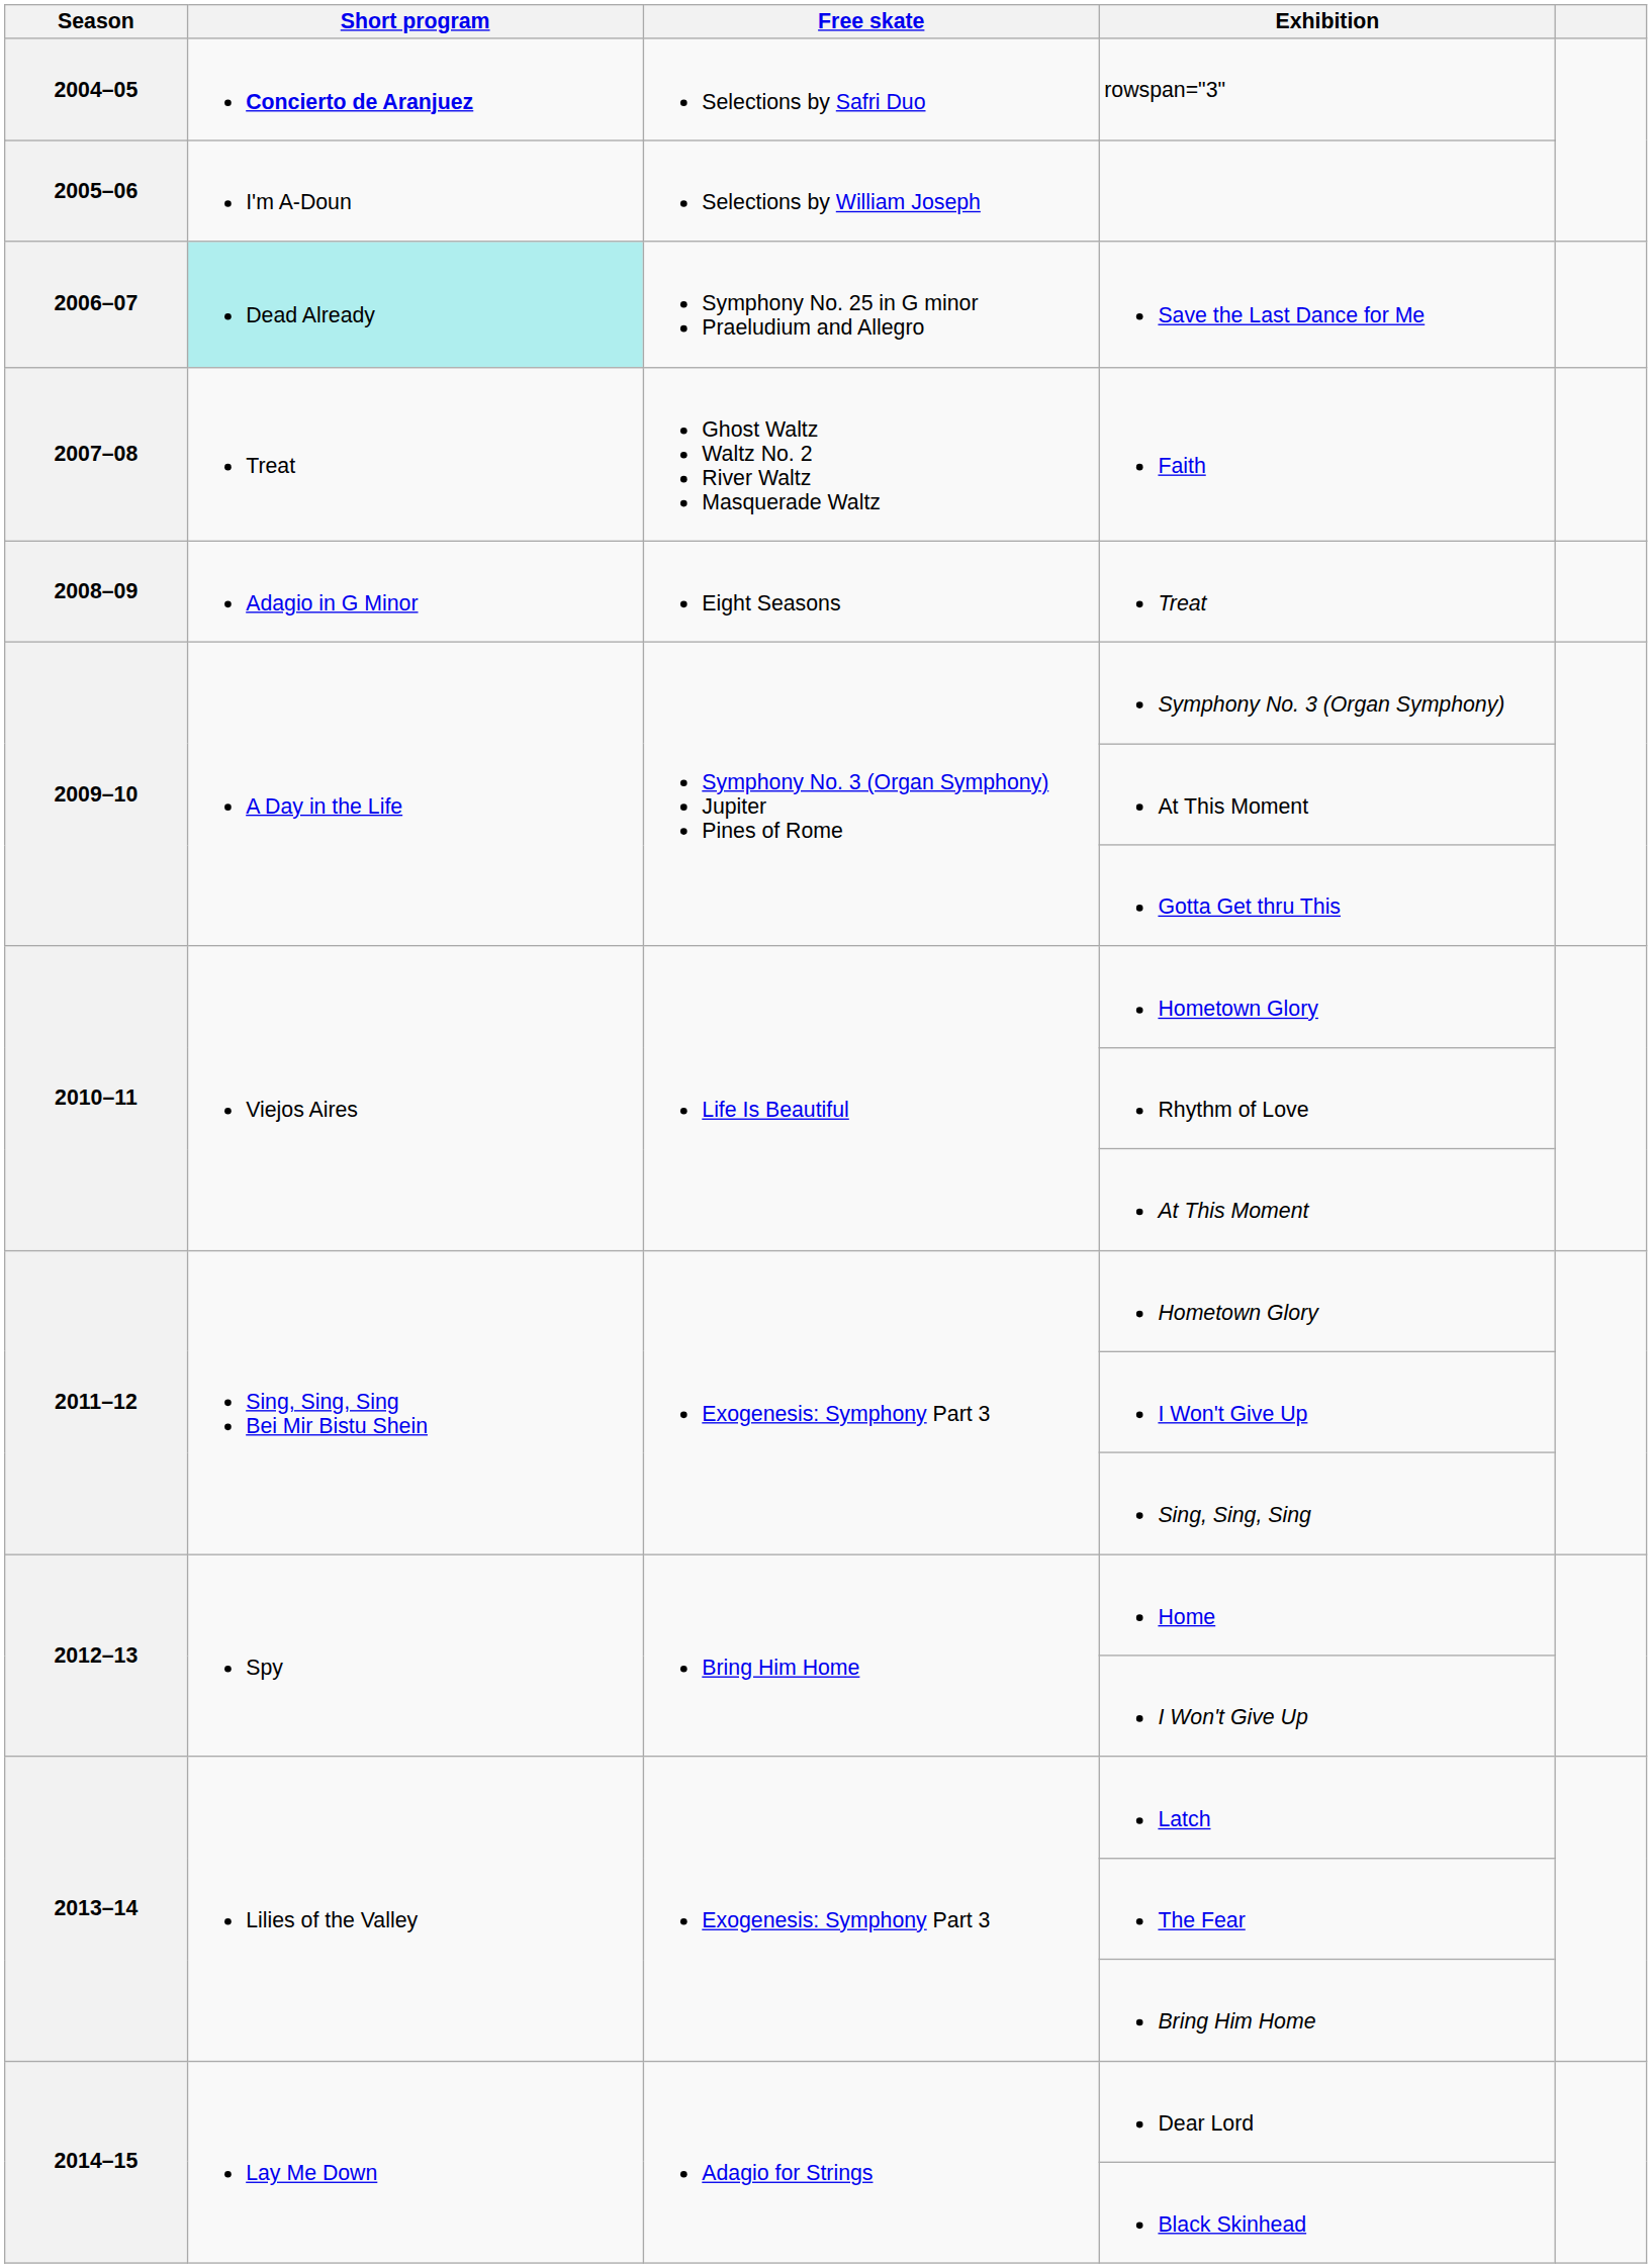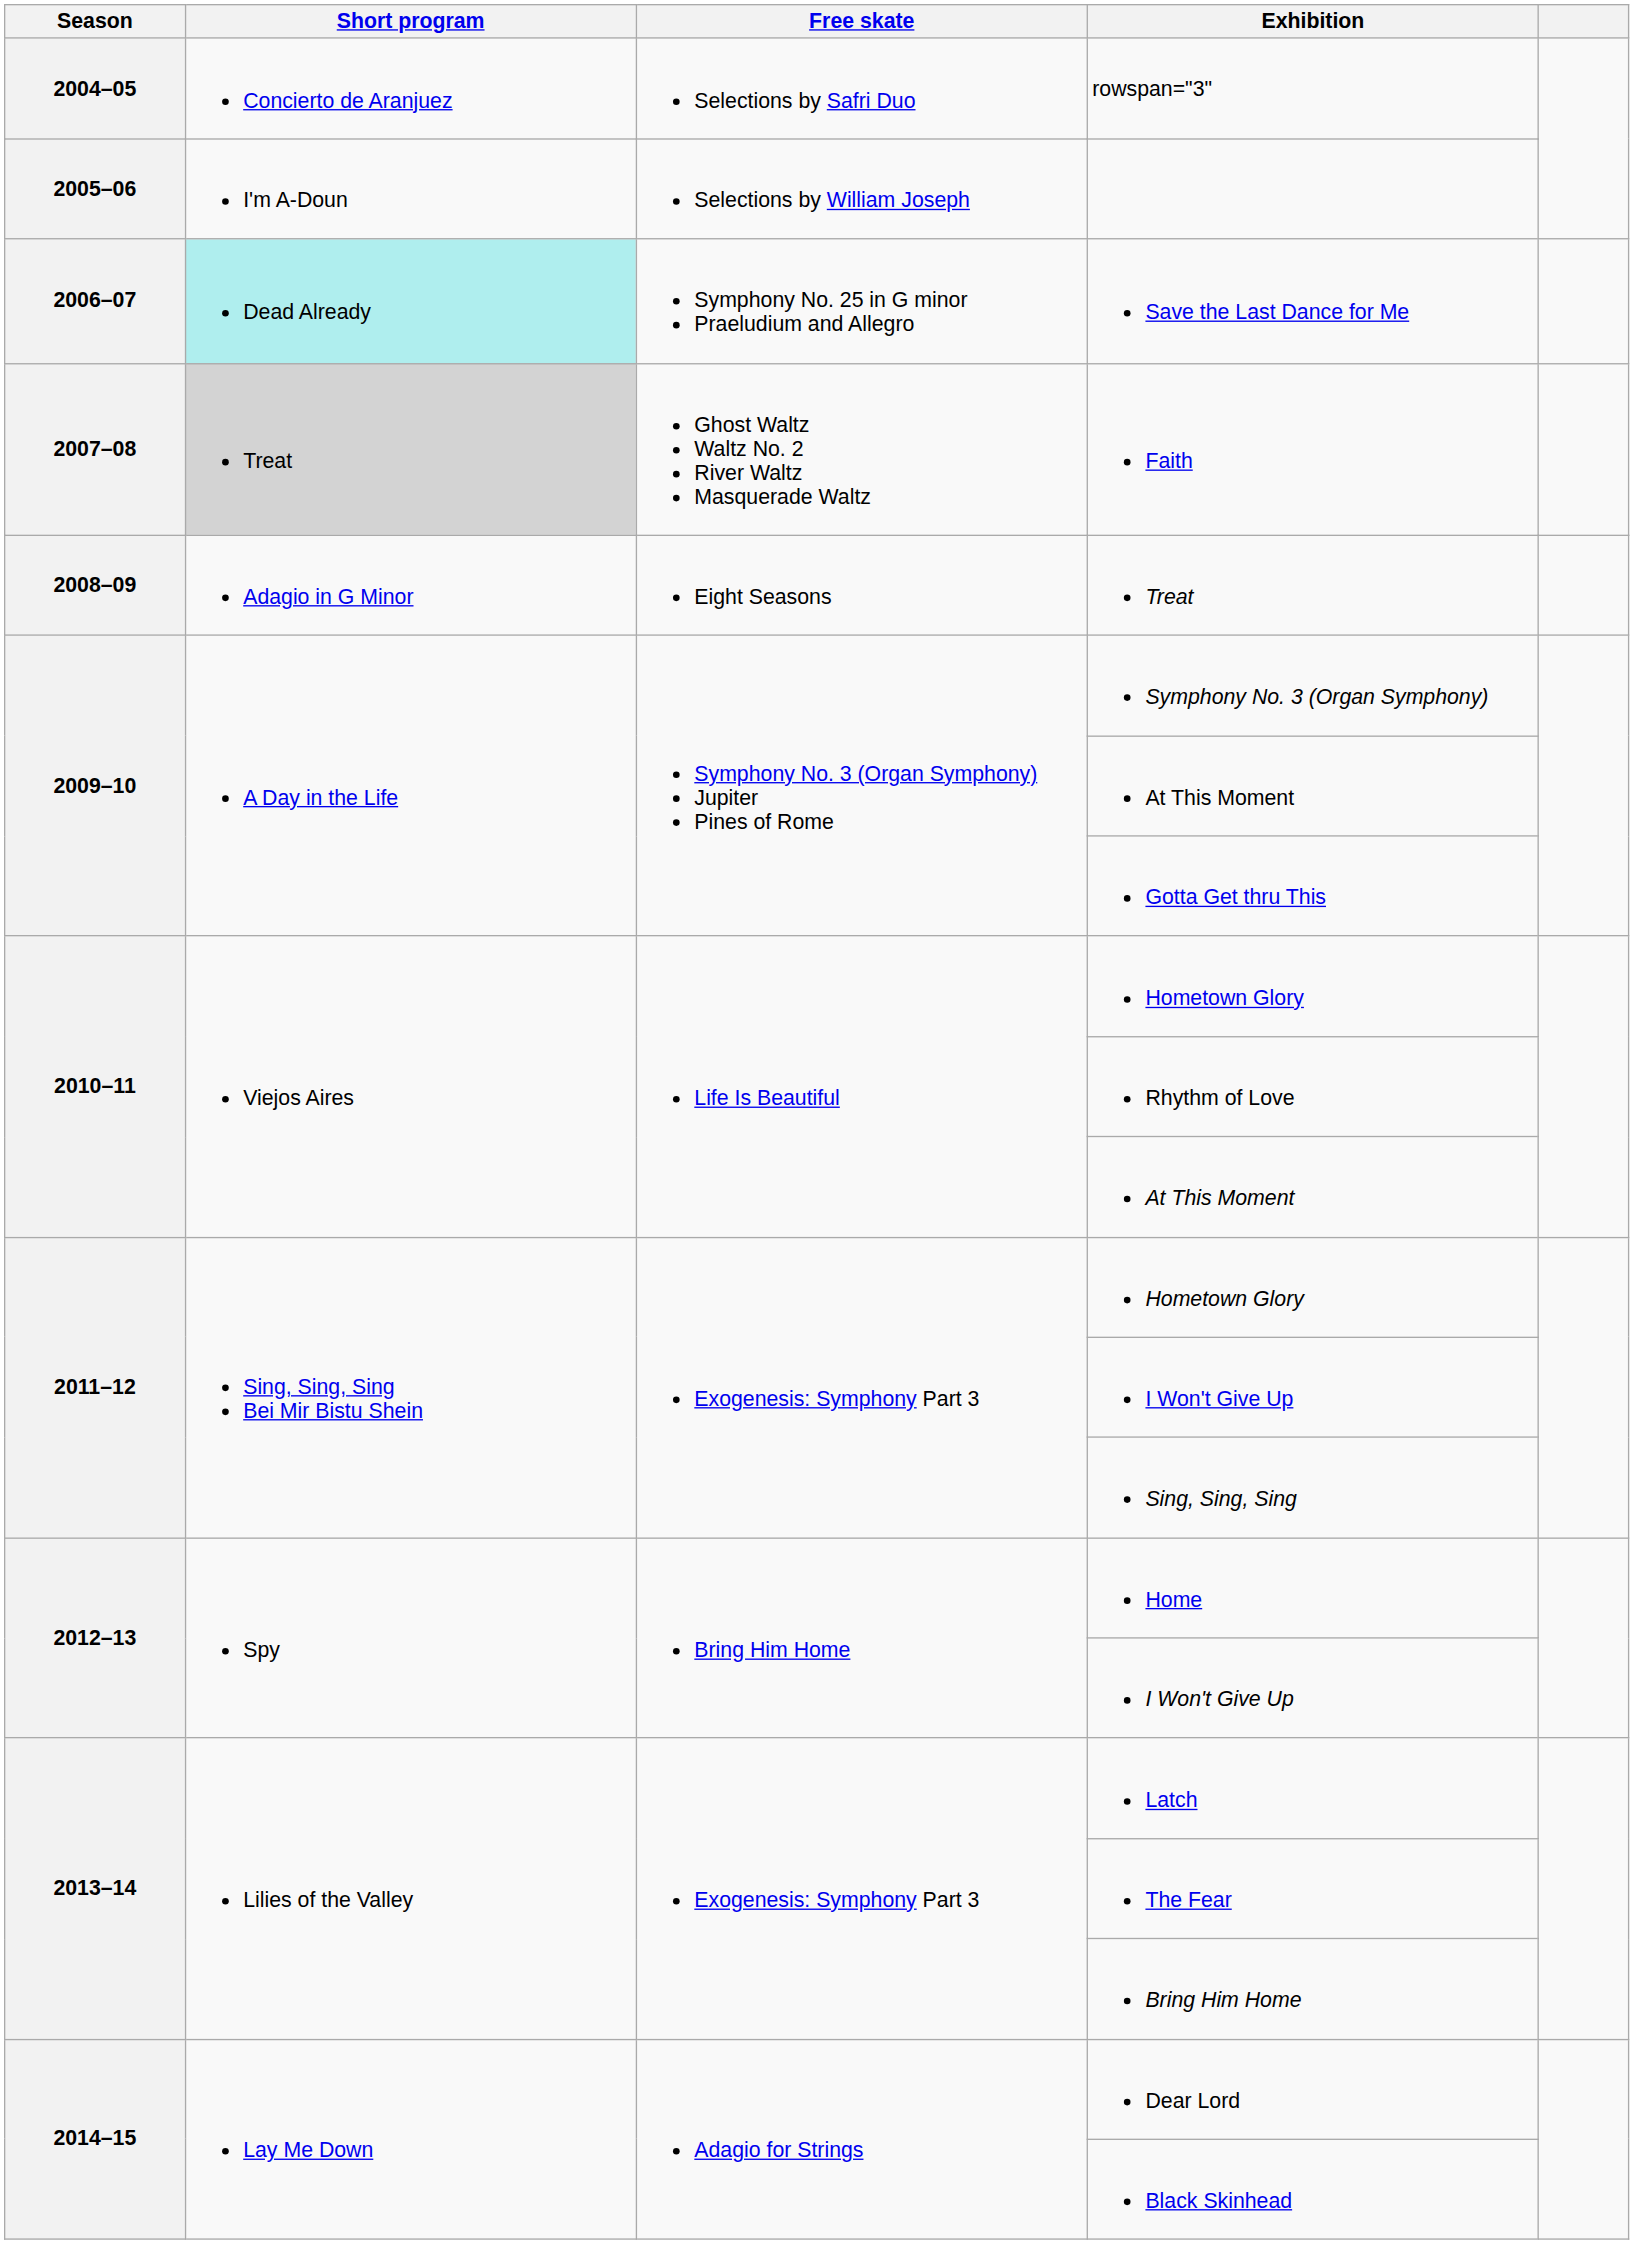 <table class="wikitable unsortable" style="text-align:left">
 <tr>
 <th scope="col" style="text-align:center; width:10%">Season</th>
 <th scope="col" style="text-align:center; width:25%"><a href='#'>Short program</a></th>
 <th scope="col" style="text-align:center; width:25%"><a href='#'>Free skate</a></th>
 <th scope="col" style="text-align:center; width:25%">Exhibition</th>
 <th scope="col" style="text-align:center; width:5%"></th>
 </tr>
 <tr>
 <th scope="row">2004–05</th>
-<td><strong><br><ul><li><a href='#'>Concierto de Aranjuez</a><br></li></ul></strong></td>
+<td><br><ul><li><a href='#'>Concierto de Aranjuez</a><br></li></ul></td>
 <td rowspan="2"><br><ul><li>Selections by <a href='#'>Safri Duo</a><br></li></ul></td>
 <td>rowspan="3" </td>
 <td rowspan="3"></td>
 </tr>
 <tr>
 <th rowspan="2">2005–06</th>
 <td rowspan="2"><br><ul><li>I'm A-Doun<br></li></ul></td>
 </tr>
 <tr>
 <td><br><ul><li>Selections by <a href='#'>William Joseph</a><br></li></ul></td>
 </tr>
 <tr>
 <th scope="row">2006–07</th>
 <td style="background: paleturquoise;"><br><ul><li>Dead Already<br></li></ul></td>
 <td><br><ul><li>Symphony No. 25 in G minor<br></li><li>Praeludium and Allegro<br></li></ul></td>
 <td><br><ul><li><a href='#'>Save the Last Dance for Me</a><br></li></ul></td>
 <td></td>
 </tr>
 <tr>
 <th scope="row">2007–08</th>
-<td><br><ul><li>Treat<br></li></ul></td>
+<td style="background: lightgrey;"><br><ul><li>Treat<br></li></ul></td>
 <td><br><ul><li>Ghost Waltz<br></li><li>Waltz No. 2<br></li><li>River Waltz<br></li><li>Masquerade Waltz<br></li></ul></td>
 <td rowspan="2"><br><ul><li><a href='#'>Faith</a><br></li></ul></td>
 <td></td>
 </tr>
 <tr>
 <th rowspan="2">2008–09</th>
 <td rowspan="2"><br><ul><li><a href='#'>Adagio in G Minor</a><br></li></ul></td>
 <td rowspan="2"><br><ul><li>Eight Seasons<br></li></ul></td>
 <td rowspan="2"></td>
 </tr>
 <tr>
 <td><br><ul><li><em>Treat</em></li></ul></td>
 </tr>
 <tr>
 <th rowspan="3">2009–10</th>
 <td rowspan="3"><br><ul><li><a href='#'>A Day in the Life</a><br></li></ul></td>
 <td rowspan="3"><br><ul><li><a href='#'>Symphony No. 3 (Organ Symphony)</a><br></li><li>Jupiter<br></li><li>Pines of Rome<br></li></ul></td>
 <td><br><ul><li><em>Symphony No. 3 (Organ Symphony)</em></li></ul></td>
 <td rowspan="3"></td>
 </tr>
 <tr>
 <td><br><ul><li>At This Moment<br></li></ul></td>
 </tr>
 <tr>
 <td><br><ul><li><a href='#'>Gotta Get thru This</a><br></li></ul></td>
 </tr>
 <tr>
 <th rowspan="3">2010–11</th>
 <td rowspan="3"><br><ul><li>Viejos Aires<br></li></ul></td>
 <td rowspan="3"><br><ul><li><a href='#'>Life Is Beautiful</a><br></li></ul></td>
 <td><br><ul><li><a href='#'>Hometown Glory</a><br></li></ul></td>
 <td rowspan="3"></td>
 </tr>
 <tr>
 <td><br><ul><li>Rhythm of Love<br></li></ul></td>
 </tr>
 <tr>
 <td><br><ul><li><em>At This Moment</em></li></ul></td>
 </tr>
 <tr>
 <th rowspan="3">2011–12</th>
 <td rowspan="3"><br><ul><li><a href='#'>Sing, Sing, Sing</a><br></li><li><a href='#'>Bei Mir Bistu Shein</a><br></li></ul></td>
 <td rowspan="3"><br><ul><li><a href='#'>Exogenesis: Symphony</a> Part 3<br></li></ul></td>
 <td><br><ul><li><em>Hometown Glory</em></li></ul></td>
 <td rowspan="3"></td>
 </tr>
 <tr>
 <td><br><ul><li><a href='#'>I Won't Give Up</a><br></li></ul></td>
 </tr>
 <tr>
 <td><br><ul><li><em>Sing, Sing, Sing</em></li></ul></td>
 </tr>
 <tr>
 <th rowspan="2">2012–13</th>
 <td rowspan="2"><br><ul><li>Spy<br></li></ul></td>
 <td rowspan="2"><br><ul><li><a href='#'>Bring Him Home</a><br></li></ul></td>
 <td><br><ul><li><a href='#'>Home</a><br></li></ul></td>
 <td rowspan="2"></td>
 </tr>
 <tr>
 <td><br><ul><li><em>I Won't Give Up</em></li></ul></td>
 </tr>
 <tr>
 <th rowspan="3">2013–14</th>
 <td rowspan="3"><br><ul><li>Lilies of the Valley<br></li></ul></td>
 <td rowspan="3"><br><ul><li><a href='#'>Exogenesis: Symphony</a> Part 3<br></li></ul></td>
 <td><br><ul><li><a href='#'>Latch</a><br></li></ul></td>
 <td rowspan="3"></td>
 </tr>
 <tr>
 <td><br><ul><li><a href='#'>The Fear</a><br></li></ul></td>
 </tr>
 <tr>
 <td><br><ul><li><em>Bring Him Home</em></li></ul></td>
 </tr>
 <tr>
 <th rowspan="2">2014–15</th>
 <td rowspan="2"><br><ul><li><a href='#'>Lay Me Down</a><br></li></ul></td>
 <td rowspan="2"><br><ul><li><a href='#'>Adagio for Strings</a><br></li></ul></td>
 <td><br><ul><li>Dear Lord<br></li></ul></td>
 <td rowspan="2"></td>
 </tr>
 <tr>
 <td><br><ul><li><a href='#'>Black Skinhead</a><br></li></ul></td>
 </tr>
 </table>
